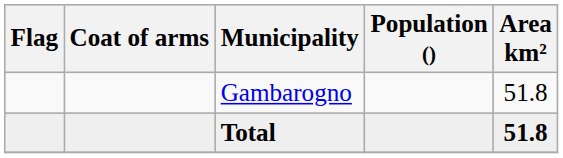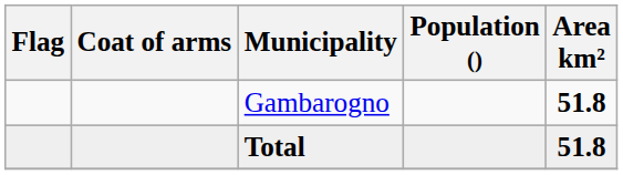 <table class="wikitable">
 <tr>
 <th>Flag</th>
 <th>Coat of arms</th>
 <th>Municipality</th>
 <th>Population<br><small>()</small></th>
 <th>Area <br>km²</th>
 </tr>
 <tr>
 <td></td>
 <td></td>
 <td><a href='#'>Gambarogno</a></td>
 <td align="center"></td>
-<td align="center">51.8</td>
+<td align="center"><strong>51.8</strong></td>
 </tr>
 <tr>
 <td bgcolor="#EFEFEF"></td>
 <td bgcolor="#EFEFEF"></td>
 <td bgcolor="#EFEFEF"><strong>Total</strong></td>
 <td bgcolor="#EFEFEF" align="center"></td>
 <td bgcolor="#EFEFEF" align="center"><strong>51.8</strong></td>
 </tr>
 <tr>
 </tr>
 </table>
